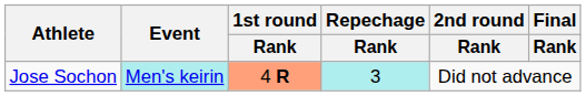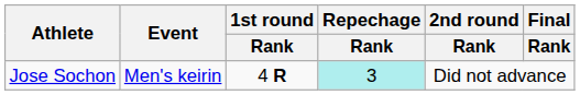 <table class=wikitable style="font-size:90%">
 <tr>
 <th rowspan="2">Athlete</th>
 <th rowspan="2">Event</th>
 <th>1st round</th>
 <th>Repechage</th>
 <th>2nd round</th>
 <th>Final</th>
 </tr>
 <tr style="font-size:95%">
 <th>Rank</th>
 <th>Rank</th>
 <th>Rank</th>
 <th>Rank</th>
 </tr>
 <tr align=center>
 <td align=left><a href='#'>Jose Sochon</a></td>
-<td align=left style="background: paleturquoise;"><a href='#'>Men's keirin</a></td>
-<td style="background: lightsalmon;">4 <strong>R</strong></td>
+<td align=left><a href='#'>Men's keirin</a></td>
+<td>4 <strong>R</strong></td>
 <td style="background: paleturquoise;">3</td>
 <td colspan=2>Did not advance</td>
 </tr>
 </table>
